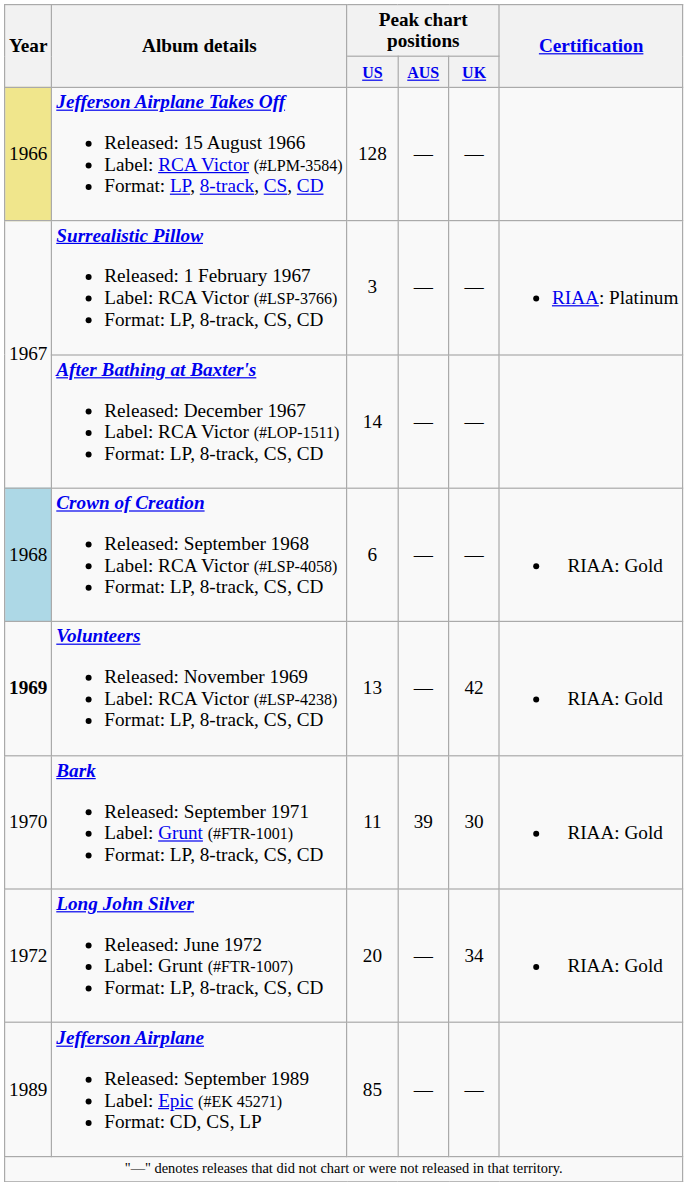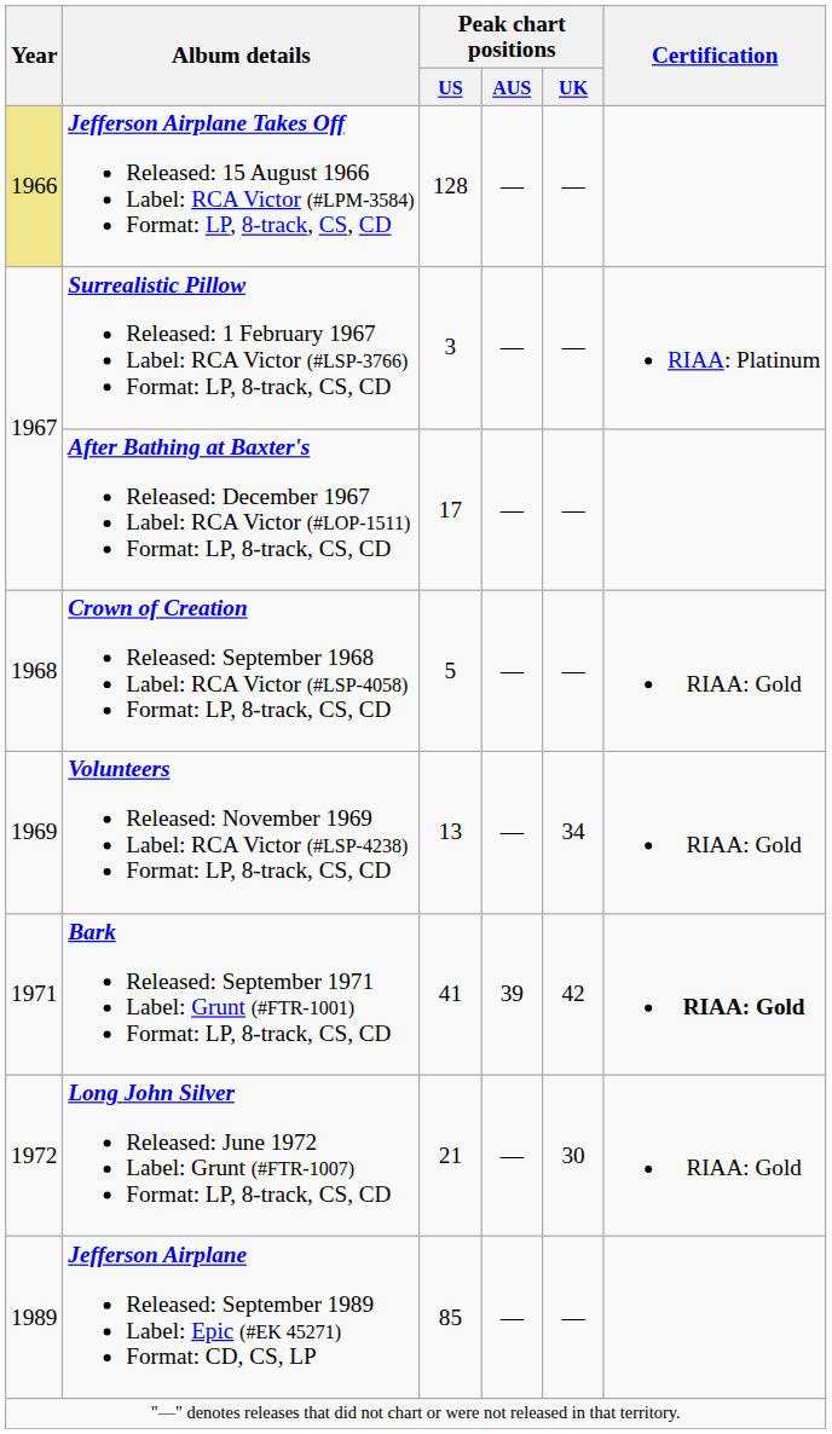 <table class="wikitable">
 <tr>
 <th rowspan="2">Year</th>
 <th rowspan="2">Album details</th>
 <th colspan="3">Peak chart positions</th>
 <th rowspan="2"><a href='#'>Certification</a></th>
 </tr>
 <tr>
 <th width="35"><small><a href='#'>US</a></small><br></th>
 <th width="35"><small><a href='#'>AUS</a></small><br></th>
 <th width="35"><small><a href='#'>UK</a></small><br></th>
 </tr>
 <tr>
 <td style="background: khaki;">1966</td>
 <td><strong><em><a href='#'>Jefferson Airplane Takes Off</a></em></strong><br><ul><li>Released: 15 August 1966</li><li>Label: <a href='#'>RCA Victor</a> <small>(#LPM-3584)</small></li><li>Format: <a href='#'>LP</a>, <a href='#'>8-track</a>, <a href='#'>CS</a>, <a href='#'>CD</a></li></ul></td>
 <td align="center">128</td>
 <td align="center">—</td>
 <td align="center">—</td>
 <td align="center"></td>
 </tr>
 <tr>
 <td rowspan="2">1967</td>
 <td><strong><em><a href='#'>Surrealistic Pillow</a></em></strong><br><ul><li>Released: 1 February 1967</li><li>Label: RCA Victor <small>(#LSP-3766)</small></li><li>Format: LP, 8-track, CS, CD</li></ul></td>
 <td align="center">3</td>
 <td align="center">—</td>
 <td align="center">—</td>
 <td align="center"><br><ul><li><a href='#'>RIAA</a>: Platinum</li></ul></td>
 </tr>
 <tr>
 <td><strong><em><a href='#'>After Bathing at Baxter's</a></em></strong><br><ul><li>Released: December 1967</li><li>Label: RCA Victor <small>(#LOP-1511)</small></li><li>Format: LP, 8-track, CS, CD</li></ul></td>
-<td align="center">14</td>
+<td align="center">17</td>
 <td align="center">—</td>
 <td align="center">—</td>
 <td align="center"></td>
 </tr>
 <tr>
-<td style="background: lightblue;">1968</td>
+<td>1968</td>
 <td><strong><em><a href='#'>Crown of Creation</a></em></strong><br><ul><li>Released: September 1968</li><li>Label: RCA Victor <small>(#LSP-4058)</small></li><li>Format: LP, 8-track, CS, CD</li></ul></td>
-<td align="center">6</td>
+<td align="center">5</td>
 <td align="center">—</td>
 <td align="center">—</td>
 <td align="center"><br><ul><li>RIAA: Gold</li></ul></td>
 </tr>
 <tr>
-<td><strong>1969</strong></td>
+<td>1969</td>
 <td><em><a href='#'><strong>Volunteers</strong></a></em><br><ul><li>Released: November 1969</li><li>Label: RCA Victor <small>(#LSP-4238)</small></li><li>Format: LP, 8-track, CS, CD</li></ul></td>
 <td align="center">13</td>
 <td align="center">—</td>
-<td align="center">42</td>
+<td align="center">34</td>
 <td align="center"><br><ul><li>RIAA: Gold</li></ul></td>
 </tr>
 <tr>
-<td>1970</td>
+<td>1971</td>
 <td><em><a href='#'><strong>Bark</strong></a></em><br><ul><li>Released: September 1971</li><li>Label: <a href='#'>Grunt</a> <small>(#FTR-1001)</small></li><li>Format: LP, 8-track, CS, CD</li></ul></td>
-<td align="center">11</td>
+<td align="center">41</td>
 <td align="center">39</td>
-<td align="center">30</td>
-<td align="center"><br><ul><li>RIAA: Gold</li></ul></td>
+<td align="center">42</td>
+<td align="center"><strong><br><ul><li>RIAA: Gold</li></ul></strong></td>
 </tr>
 <tr>
 <td>1972</td>
 <td><em><a href='#'><strong>Long John Silver</strong></a></em><br><ul><li>Released: June 1972</li><li>Label: Grunt <small>(#FTR-1007)</small></li><li>Format: LP, 8-track, CS, CD</li></ul></td>
-<td align="center">20</td>
+<td align="center">21</td>
 <td align="center">—</td>
-<td align="center">34</td>
+<td align="center">30</td>
 <td align="center"><br><ul><li>RIAA: Gold</li></ul></td>
 </tr>
 <tr>
 <td>1989</td>
 <td><em><a href='#'><strong>Jefferson Airplane</strong></a></em><br><ul><li>Released: September 1989</li><li>Label: <a href='#'>Epic</a> <small>(#EK 45271)</small></li><li>Format: CD, CS, LP</li></ul></td>
 <td align="center">85</td>
 <td align="center">—</td>
 <td align="center">—</td>
 <td align="center"></td>
 </tr>
 <tr>
 <td colspan="9" style="text-align:center; font-size:9pt;">"—" denotes releases that did not chart or were not released in that territory.</td>
 </tr>
 </table>
